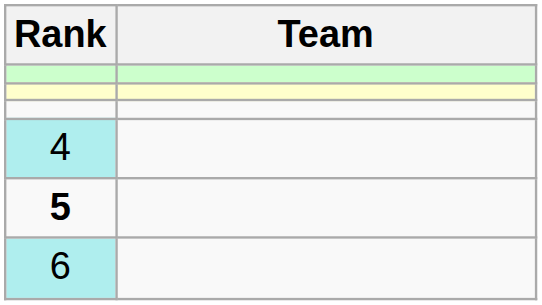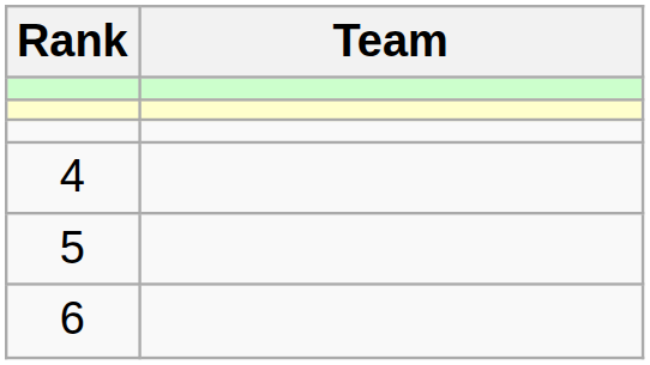 <table class="wikitable">
 <tr>
 <th>Rank</th>
 <th width=170>Team</th>
 </tr>
 <tr bgcolor=#ccffcc>
 <td align=center></td>
 <td></td>
 </tr>
 <tr bgcolor=#ffffcc>
 <td align=center></td>
 <td></td>
 </tr>
 <tr>
 <td align=center></td>
 <td></td>
 </tr>
 <tr>
-<td align=center style="background: paleturquoise;">4</td>
+<td align=center>4</td>
 <td></td>
 </tr>
 <tr>
-<td align=center><strong>5</strong></td>
+<td align=center>5</td>
 <td></td>
 </tr>
 <tr>
-<td align=center style="background: paleturquoise;">6</td>
+<td align=center>6</td>
 <td></td>
 </tr>
 </table>
